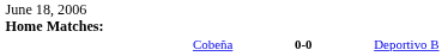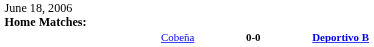 <table width=100% cellspacing=1>
 <tr>
 <th width=20%></th>
 <th width=12%></th>
 <th width=20%></th>
 <th></th>
 </tr>
 <tr>
 <td>June 18, 2006<br><strong>Home Matches:</strong></td>
 </tr>
 <tr style=font-size:90%>
 <td align=right><a href='#'>Cobeña</a></td>
 <td align=center><strong>0-0</strong></td>
-<td><a href='#'>Deportivo B</a></td>
+<td><strong><a href='#'>Deportivo B</a></strong></td>
 </tr>
 </table>
